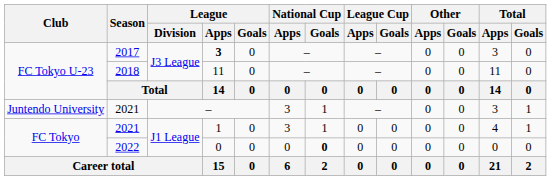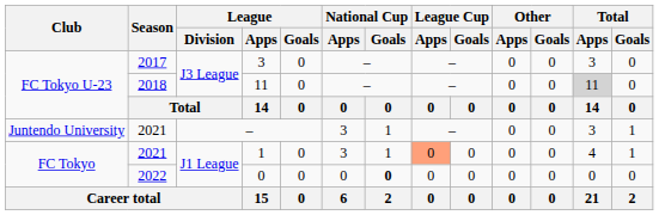 <table class="wikitable" style="text-align: center">
 <tr>
 <th rowspan="2">Club</th>
 <th rowspan="2">Season</th>
 <th colspan="3">League</th>
 <th colspan="2">National Cup</th>
 <th colspan="2">League Cup</th>
 <th colspan="2">Other</th>
 <th colspan="2">Total</th>
 </tr>
 <tr>
 <th>Division</th>
 <th>Apps</th>
 <th>Goals</th>
 <th>Apps</th>
 <th>Goals</th>
 <th>Apps</th>
 <th>Goals</th>
 <th>Apps</th>
 <th>Goals</th>
 <th>Apps</th>
 <th>Goals</th>
 </tr>
 <tr>
 <td rowspan="3"><a href='#'>FC Tokyo U-23</a></td>
 <td><a href='#'>2017</a></td>
 <td rowspan="2"><a href='#'>J3 League</a></td>
-<td><strong>3</strong></td>
+<td>3</td>
 <td>0</td>
 <td colspan="2">–</td>
 <td colspan="2">–</td>
 <td>0</td>
 <td>0</td>
 <td>3</td>
 <td>0</td>
 </tr>
 <tr>
 <td><a href='#'>2018</a></td>
 <td>11</td>
 <td>0</td>
 <td colspan="2">–</td>
 <td colspan="2">–</td>
 <td>0</td>
 <td>0</td>
-<td>11</td>
+<td style="background: lightgrey;">11</td>
 <td>0</td>
 </tr>
 <tr>
 <th colspan=2>Total</th>
 <th>14</th>
 <th>0</th>
 <th>0</th>
 <th>0</th>
 <th>0</th>
 <th>0</th>
 <th>0</th>
 <th>0</th>
 <th>14</th>
 <th>0</th>
 </tr>
 <tr>
 <td><a href='#'>Juntendo University</a></td>
 <td>2021</td>
 <td colspan="3">–</td>
 <td>3</td>
 <td>1</td>
 <td colspan="2">–</td>
 <td>0</td>
 <td>0</td>
 <td>3</td>
 <td>1</td>
 </tr>
 <tr>
 <td rowspan=2><a href='#'>FC Tokyo</a></td>
 <td><a href='#'>2021</a></td>
 <td rowspan=2><a href='#'>J1 League</a></td>
 <td>1</td>
 <td>0</td>
 <td>3</td>
 <td>1</td>
-<td>0</td>
+<td style="background: lightsalmon;">0</td>
 <td>0</td>
 <td>0</td>
 <td>0</td>
 <td>4</td>
 <td>1</td>
 </tr>
 <tr>
 <td><a href='#'>2022</a></td>
 <td>0</td>
 <td>0</td>
 <td>0</td>
 <td><strong>0</strong></td>
 <td>0</td>
 <td>0</td>
 <td>0</td>
 <td>0</td>
 <td>0</td>
 <td>0</td>
 </tr>
 <tr>
 <th colspan=3>Career total</th>
 <th>15</th>
 <th>0</th>
 <th>6</th>
 <th>2</th>
 <th>0</th>
 <th>0</th>
 <th>0</th>
 <th>0</th>
 <th>21</th>
 <th>2</th>
 </tr>
 </table>
